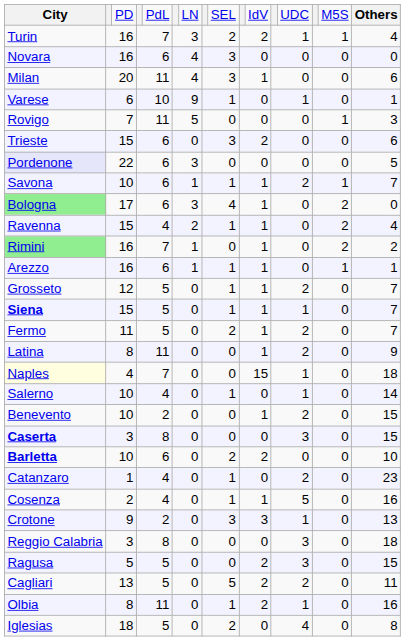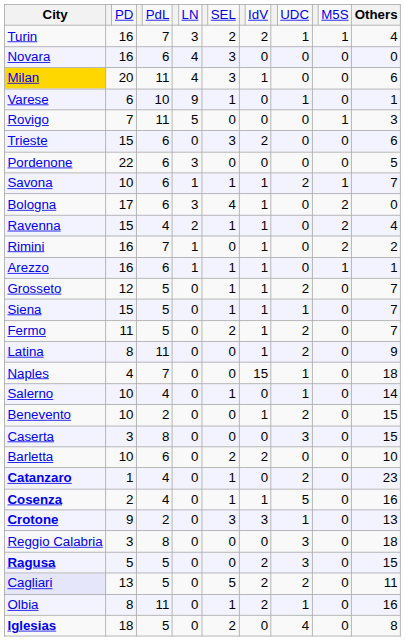 <table class="wikitable" style="text-align:right; padding-left:1em">
 <tr>
 <th align="left">City</th>
 <th style="background-color: "></th>
 <td><a href='#'>PD</a></td>
 <th style="background-color: "></th>
 <td><a href='#'>PdL</a></td>
 <th style="background-color: "></th>
 <td><a href='#'>LN</a></td>
 <th style="background-color: "></th>
 <td><a href='#'>SEL</a></td>
 <th style="background-color: "></th>
 <td><a href='#'>IdV</a></td>
 <th style="background-color: "></th>
 <td><a href='#'>UDC</a></td>
 <th style="background-color: "></th>
 <td><a href='#'>M5S</a></td>
 <th colspan=2>Others</th>
 </tr>
 <tr>
 <td align=left><a href='#'>Turin</a></td>
 <td colspan=2>16</td>
 <td colspan=2>7</td>
 <td colspan=2>3</td>
 <td colspan=2>2</td>
 <td colspan=2>2</td>
 <td colspan=2>1</td>
 <td colspan=2>1</td>
 <td colspan=2>4</td>
 </tr>
 <tr bgcolor=F3F3FF>
 <td align=left><a href='#'>Novara</a></td>
 <td colspan=2>16</td>
 <td colspan=2>6</td>
 <td colspan=2>4</td>
 <td colspan=2>3</td>
 <td colspan=2>0</td>
 <td colspan=2>0</td>
 <td colspan=2>0</td>
 <td colspan=2>0</td>
 </tr>
 <tr>
-<td align=left><a href='#'>Milan</a></td>
+<td align=left style="background: gold;"><a href='#'>Milan</a></td>
 <td colspan=2>20</td>
 <td colspan=2>11</td>
 <td colspan=2>4</td>
 <td colspan=2>3</td>
 <td colspan=2>1</td>
 <td colspan=2>0</td>
 <td colspan=2>0</td>
 <td colspan=2>6</td>
 </tr>
 <tr bgcolor=F3F3FF>
 <td align=left><a href='#'>Varese</a></td>
 <td colspan=2>6</td>
 <td colspan=2>10</td>
 <td colspan=2>9</td>
 <td colspan=2>1</td>
 <td colspan=2>0</td>
 <td colspan=2>1</td>
 <td colspan=2>0</td>
 <td colspan=2>1</td>
 </tr>
 <tr>
 <td align=left><a href='#'>Rovigo</a></td>
 <td colspan=2>7</td>
 <td colspan=2>11</td>
 <td colspan=2>5</td>
 <td colspan=2>0</td>
 <td colspan=2>0</td>
 <td colspan=2>0</td>
 <td colspan=2>1</td>
 <td colspan=2>3</td>
 </tr>
 <tr bgcolor=F3F3FF>
 <td align=left><a href='#'>Trieste</a></td>
 <td colspan=2>15</td>
 <td colspan=2>6</td>
 <td colspan=2>0</td>
 <td colspan=2>3</td>
 <td colspan=2>2</td>
 <td colspan=2>0</td>
 <td colspan=2>0</td>
 <td colspan=2>6</td>
 </tr>
 <tr>
-<td align=left style="background: lavender;"><a href='#'>Pordenone</a></td>
+<td align=left><a href='#'>Pordenone</a></td>
 <td colspan=2>22</td>
 <td colspan=2>6</td>
 <td colspan=2>3</td>
 <td colspan=2>0</td>
 <td colspan=2>0</td>
 <td colspan=2>0</td>
 <td colspan=2>0</td>
 <td colspan=2>5</td>
 </tr>
 <tr bgcolor=F3F3FF>
 <td align=left><a href='#'>Savona</a></td>
 <td colspan=2>10</td>
 <td colspan=2>6</td>
 <td colspan=2>1</td>
 <td colspan=2>1</td>
 <td colspan=2>1</td>
 <td colspan=2>2</td>
 <td colspan=2>1</td>
 <td colspan=2>7</td>
 </tr>
 <tr>
-<td align=left style="background: lightgreen;"><a href='#'>Bologna</a></td>
+<td align=left><a href='#'>Bologna</a></td>
 <td colspan=2>17</td>
 <td colspan=2>6</td>
 <td colspan=2>3</td>
 <td colspan=2>4</td>
 <td colspan=2>1</td>
 <td colspan=2>0</td>
 <td colspan=2>2</td>
 <td colspan=2>0</td>
 </tr>
 <tr bgcolor=F3F3FF>
 <td align=left><a href='#'>Ravenna</a></td>
 <td colspan=2>15</td>
 <td colspan=2>4</td>
 <td colspan=2>2</td>
 <td colspan=2>1</td>
 <td colspan=2>1</td>
 <td colspan=2>0</td>
 <td colspan=2>2</td>
 <td colspan=2>4</td>
 </tr>
 <tr>
-<td align=left style="background: lightgreen;"><a href='#'>Rimini</a></td>
+<td align=left><a href='#'>Rimini</a></td>
 <td colspan=2>16</td>
 <td colspan=2>7</td>
 <td colspan=2>1</td>
 <td colspan=2>0</td>
 <td colspan=2>1</td>
 <td colspan=2>0</td>
 <td colspan=2>2</td>
 <td colspan=2>2</td>
 </tr>
 <tr bgcolor=F3F3FF>
 <td align=left><a href='#'>Arezzo</a></td>
 <td colspan=2>16</td>
 <td colspan=2>6</td>
 <td colspan=2>1</td>
 <td colspan=2>1</td>
 <td colspan=2>1</td>
 <td colspan=2>0</td>
 <td colspan=2>1</td>
 <td colspan=2>1</td>
 </tr>
 <tr>
 <td align=left><a href='#'>Grosseto</a></td>
 <td colspan=2>12</td>
 <td colspan=2>5</td>
 <td colspan=2>0</td>
 <td colspan=2>1</td>
 <td colspan=2>1</td>
 <td colspan=2>2</td>
 <td colspan=2>0</td>
 <td colspan=2>7</td>
 </tr>
 <tr bgcolor=F3F3FF>
-<td align=left><strong><a href='#'>Siena</a></strong></td>
+<td align=left><a href='#'>Siena</a></td>
 <td colspan=2>15</td>
 <td colspan=2>5</td>
 <td colspan=2>0</td>
 <td colspan=2>1</td>
 <td colspan=2>1</td>
 <td colspan=2>1</td>
 <td colspan=2>0</td>
 <td colspan=2>7</td>
 </tr>
 <tr>
 <td align=left><a href='#'>Fermo</a></td>
 <td colspan=2>11</td>
 <td colspan=2>5</td>
 <td colspan=2>0</td>
 <td colspan=2>2</td>
 <td colspan=2>1</td>
 <td colspan=2>2</td>
 <td colspan=2>0</td>
 <td colspan=2>7</td>
 </tr>
 <tr bgcolor=F3F3FF>
 <td align=left><a href='#'>Latina</a></td>
 <td colspan=2>8</td>
 <td colspan=2>11</td>
 <td colspan=2>0</td>
 <td colspan=2>0</td>
 <td colspan=2>1</td>
 <td colspan=2>2</td>
 <td colspan=2>0</td>
 <td colspan=2>9</td>
 </tr>
 <tr>
-<td align=left style="background: lightyellow;"><a href='#'>Naples</a></td>
+<td align=left><a href='#'>Naples</a></td>
 <td colspan=2>4</td>
 <td colspan=2>7</td>
 <td colspan=2>0</td>
 <td colspan=2>0</td>
 <td colspan=2>15</td>
 <td colspan=2>1</td>
 <td colspan=2>0</td>
 <td colspan=2>18</td>
 </tr>
 <tr bgcolor=F3F3FF>
 <td align=left><a href='#'>Salerno</a></td>
 <td colspan=2>10</td>
 <td colspan=2>4</td>
 <td colspan=2>0</td>
 <td colspan=2>1</td>
 <td colspan=2>0</td>
 <td colspan=2>1</td>
 <td colspan=2>0</td>
 <td colspan=2>14</td>
 </tr>
 <tr>
 <td align=left><a href='#'>Benevento</a></td>
 <td colspan=2>10</td>
 <td colspan=2>2</td>
 <td colspan=2>0</td>
 <td colspan=2>0</td>
 <td colspan=2>1</td>
 <td colspan=2>2</td>
 <td colspan=2>0</td>
 <td colspan=2>15</td>
 </tr>
 <tr bgcolor=F3F3FF>
-<td align=left><strong><a href='#'>Caserta</a></strong></td>
+<td align=left><a href='#'>Caserta</a></td>
 <td colspan=2>3</td>
 <td colspan=2>8</td>
 <td colspan=2>0</td>
 <td colspan=2>0</td>
 <td colspan=2>0</td>
 <td colspan=2>3</td>
 <td colspan=2>0</td>
 <td colspan=2>15</td>
 </tr>
 <tr>
-<td align=left><strong><a href='#'>Barletta</a></strong></td>
+<td align=left><a href='#'>Barletta</a></td>
 <td colspan=2>10</td>
 <td colspan=2>6</td>
 <td colspan=2>0</td>
 <td colspan=2>2</td>
 <td colspan=2>2</td>
 <td colspan=2>0</td>
 <td colspan=2>0</td>
 <td colspan=2>10</td>
 </tr>
 <tr bgcolor=F3F3FF>
-<td align=left><a href='#'>Catanzaro</a></td>
+<td align=left><strong><a href='#'>Catanzaro</a></strong></td>
 <td colspan=2>1</td>
 <td colspan=2>4</td>
 <td colspan=2>0</td>
 <td colspan=2>1</td>
 <td colspan=2>0</td>
 <td colspan=2>2</td>
 <td colspan=2>0</td>
 <td colspan=2>23</td>
 </tr>
 <tr>
-<td align=left><a href='#'>Cosenza</a></td>
+<td align=left><strong><a href='#'>Cosenza</a></strong></td>
 <td colspan=2>2</td>
 <td colspan=2>4</td>
 <td colspan=2>0</td>
 <td colspan=2>1</td>
 <td colspan=2>1</td>
 <td colspan=2>5</td>
 <td colspan=2>0</td>
 <td colspan=2>16</td>
 </tr>
 <tr bgcolor=F3F3FF>
-<td align=left><a href='#'>Crotone</a></td>
+<td align=left><strong><a href='#'>Crotone</a></strong></td>
 <td colspan=2>9</td>
 <td colspan=2>2</td>
 <td colspan=2>0</td>
 <td colspan=2>3</td>
 <td colspan=2>3</td>
 <td colspan=2>1</td>
 <td colspan=2>0</td>
 <td colspan=2>13</td>
 </tr>
 <tr>
 <td align=left><a href='#'>Reggio Calabria</a></td>
 <td colspan=2>3</td>
 <td colspan=2>8</td>
 <td colspan=2>0</td>
 <td colspan=2>0</td>
 <td colspan=2>0</td>
 <td colspan=2>3</td>
 <td colspan=2>0</td>
 <td colspan=2>18</td>
 </tr>
 <tr bgcolor=F3F3FF>
-<td align=left><a href='#'>Ragusa</a></td>
+<td align=left><strong><a href='#'>Ragusa</a></strong></td>
 <td colspan=2>5</td>
 <td colspan=2>5</td>
 <td colspan=2>0</td>
 <td colspan=2>0</td>
 <td colspan=2>2</td>
 <td colspan=2>3</td>
 <td colspan=2>0</td>
 <td colspan=2>15</td>
 </tr>
 <tr>
-<td align=left><a href='#'>Cagliari</a></td>
+<td align=left style="background: lavender;"><a href='#'>Cagliari</a></td>
 <td colspan=2>13</td>
 <td colspan=2>5</td>
 <td colspan=2>0</td>
 <td colspan=2>5</td>
 <td colspan=2>2</td>
 <td colspan=2>2</td>
 <td colspan=2>0</td>
 <td colspan=2>11</td>
 </tr>
 <tr bgcolor=F3F3FF>
 <td align=left><a href='#'>Olbia</a></td>
 <td colspan=2>8</td>
 <td colspan=2>11</td>
 <td colspan=2>0</td>
 <td colspan=2>1</td>
 <td colspan=2>2</td>
 <td colspan=2>1</td>
 <td colspan=2>0</td>
 <td colspan=2>16</td>
 </tr>
 <tr>
-<td align=left><a href='#'>Iglesias</a></td>
+<td align=left><strong><a href='#'>Iglesias</a></strong></td>
 <td colspan=2>18</td>
 <td colspan=2>5</td>
 <td colspan=2>0</td>
 <td colspan=2>2</td>
 <td colspan=2>0</td>
 <td colspan=2>4</td>
 <td colspan=2>0</td>
 <td colspan=2>8</td>
 </tr>
 </table>
